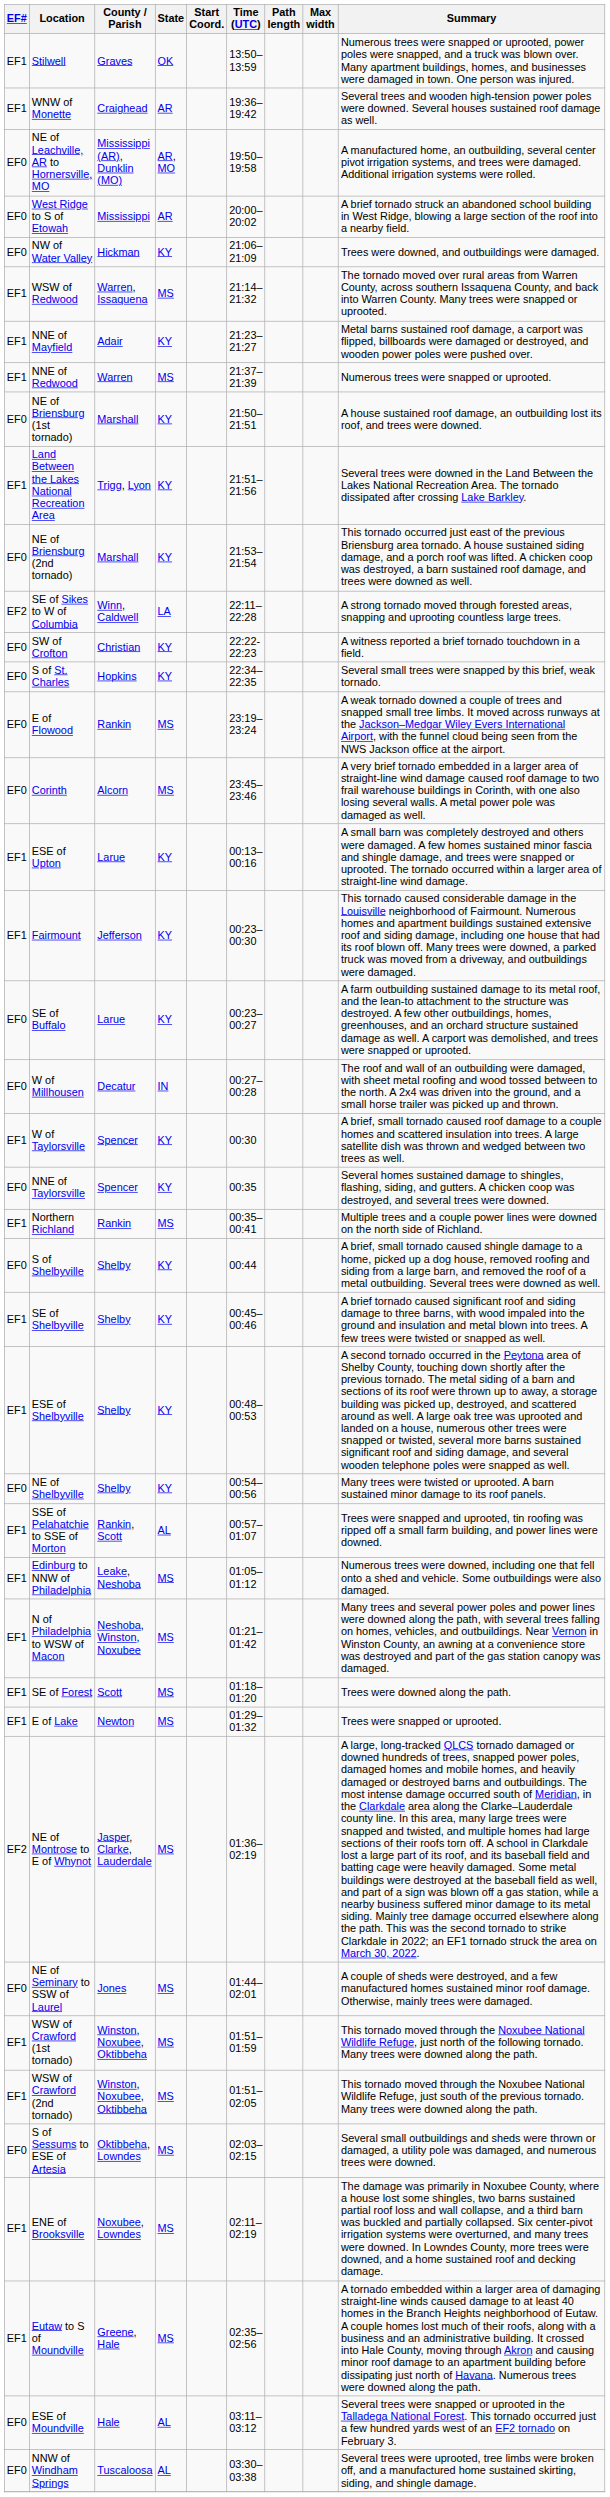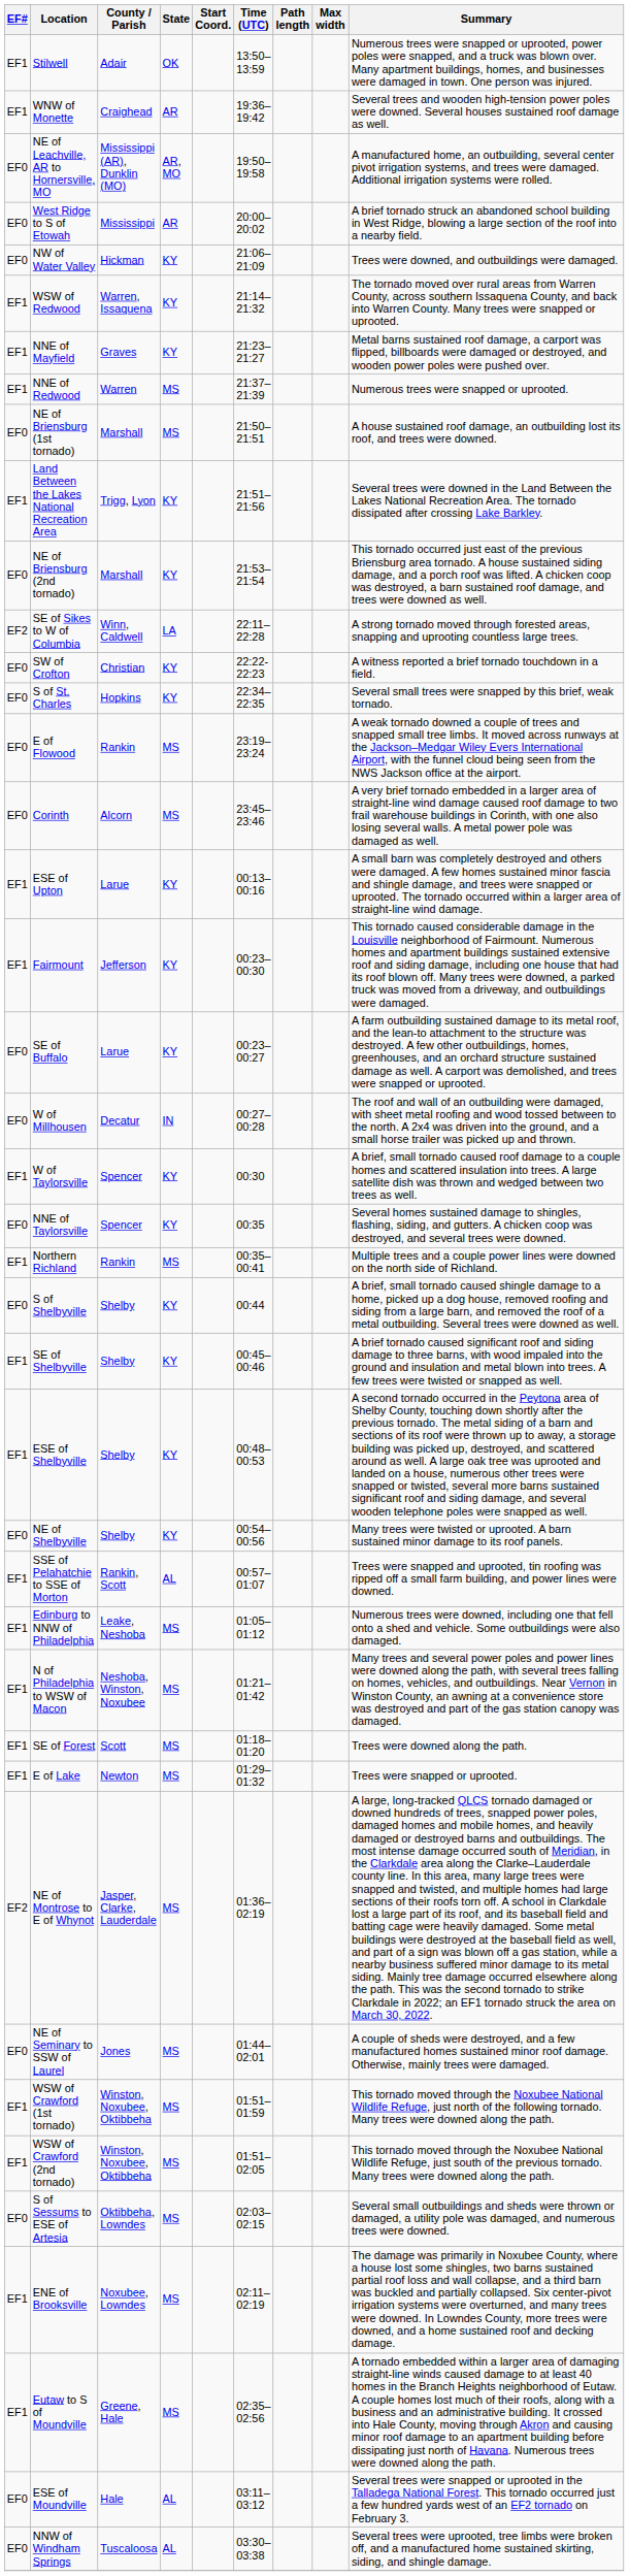 <table class="wikitable sortable" style="width:100%;">
 <tr>
 <th scope="col"  style="width:3%; text-align:center;"><a href='#'>EF#</a></th>
 <th scope="col"  style="width:7%; text-align:center;" class="unsortable">Location</th>
 <th scope="col"  style="width:6%; text-align:center;" class="unsortable">County / Parish</th>
 <th scope="col"  style="width:5%; text-align:center;">State</th>
 <th scope="col"  style="width:6%; text-align:center;">Start Coord.</th>
 <th scope="col"  style="width:6%; text-align:center;">Time (<a href='#'>UTC</a>)</th>
 <th scope="col"  style="width:6%; text-align:center;">Path length</th>
 <th scope="col"  style="width:6%; text-align:center;">Max width</th>
 <th scope="col" class="unsortable" style="width:48%; text-align:center;">Summary</th>
 </tr>
 <tr>
 <td>EF1</td>
 <td><a href='#'>Stilwell</a></td>
-<td><a href='#'>Graves</a></td>
+<td><a href='#'>Adair</a></td>
 <td><a href='#'>OK</a></td>
 <td></td>
 <td>13:50–13:59</td>
 <td></td>
 <td></td>
 <td>Numerous trees were snapped or uprooted, power poles were snapped, and a truck was blown over. Many apartment buildings, homes, and businesses were damaged in town. One person was injured.</td>
 </tr>
 <tr>
 <td>EF1</td>
 <td>WNW of <a href='#'>Monette</a></td>
 <td><a href='#'>Craighead</a></td>
 <td><a href='#'>AR</a></td>
 <td></td>
 <td>19:36–19:42</td>
 <td></td>
 <td></td>
 <td>Several trees and wooden high-tension power poles were downed. Several houses sustained roof damage as well.</td>
 </tr>
 <tr>
 <td>EF0</td>
 <td>NE of <a href='#'>Leachville, AR</a> to <a href='#'>Hornersville, MO</a></td>
 <td><a href='#'>Mississippi (AR)</a>, <a href='#'>Dunklin (MO)</a></td>
 <td><a href='#'>AR</a>, <a href='#'>MO</a></td>
 <td></td>
 <td>19:50–19:58</td>
 <td></td>
 <td></td>
 <td>A manufactured home, an outbuilding, several center pivot irrigation systems, and trees were damaged. Additional irrigation systems were rolled.</td>
 </tr>
 <tr>
 <td>EF0</td>
 <td><a href='#'>West Ridge</a> to S of <a href='#'>Etowah</a></td>
 <td><a href='#'>Mississippi</a></td>
 <td><a href='#'>AR</a></td>
 <td></td>
 <td>20:00–20:02</td>
 <td></td>
 <td></td>
 <td>A brief tornado struck an abandoned school building in West Ridge, blowing a large section of the roof into a nearby field.</td>
 </tr>
 <tr>
 <td>EF0</td>
 <td>NW of <a href='#'>Water Valley</a></td>
 <td><a href='#'>Hickman</a></td>
 <td><a href='#'>KY</a></td>
 <td></td>
 <td>21:06–21:09</td>
 <td></td>
 <td></td>
 <td>Trees were downed, and outbuildings were damaged.</td>
 </tr>
 <tr>
 <td>EF1</td>
 <td>WSW of <a href='#'>Redwood</a></td>
 <td><a href='#'>Warren</a>, <a href='#'>Issaquena</a></td>
-<td><a href='#'>MS</a></td>
+<td><a href='#'>KY</a></td>
 <td></td>
 <td>21:14–21:32</td>
 <td></td>
 <td></td>
 <td>The tornado moved over rural areas from Warren County, across southern Issaquena County, and back into Warren County. Many trees were snapped or uprooted.</td>
 </tr>
 <tr>
 <td>EF1</td>
 <td>NNE of <a href='#'>Mayfield</a></td>
-<td><a href='#'>Adair</a></td>
+<td><a href='#'>Graves</a></td>
 <td><a href='#'>KY</a></td>
 <td></td>
 <td>21:23–21:27</td>
 <td></td>
 <td></td>
 <td>Metal barns sustained roof damage, a carport was flipped, billboards were damaged or destroyed, and wooden power poles were pushed over.</td>
 </tr>
 <tr>
 <td>EF1</td>
 <td>NNE of <a href='#'>Redwood</a></td>
 <td><a href='#'>Warren</a></td>
 <td><a href='#'>MS</a></td>
 <td></td>
 <td>21:37–21:39</td>
 <td></td>
 <td></td>
 <td>Numerous trees were snapped or uprooted.</td>
 </tr>
 <tr>
 <td>EF0</td>
 <td>NE of <a href='#'>Briensburg</a> (1st tornado)</td>
 <td><a href='#'>Marshall</a></td>
-<td><a href='#'>KY</a></td>
+<td><a href='#'>MS</a></td>
 <td></td>
 <td>21:50–21:51</td>
 <td></td>
 <td></td>
 <td>A house sustained roof damage, an outbuilding lost its roof, and trees were downed.</td>
 </tr>
 <tr>
 <td>EF1</td>
 <td><a href='#'>Land Between the Lakes National Recreation Area</a></td>
 <td><a href='#'>Trigg</a>, <a href='#'>Lyon</a></td>
 <td><a href='#'>KY</a></td>
 <td></td>
 <td>21:51–21:56</td>
 <td></td>
 <td></td>
 <td>Several trees were downed in the Land Between the Lakes National Recreation Area. The tornado dissipated after crossing <a href='#'>Lake Barkley</a>.</td>
 </tr>
 <tr>
 <td>EF0</td>
 <td>NE of <a href='#'>Briensburg</a> (2nd tornado)</td>
 <td><a href='#'>Marshall</a></td>
 <td><a href='#'>KY</a></td>
 <td></td>
 <td>21:53–21:54</td>
 <td></td>
 <td></td>
 <td>This tornado occurred just east of the previous Briensburg area tornado. A house sustained siding damage, and a porch roof was lifted. A chicken coop was destroyed, a barn sustained roof damage, and trees were downed as well.</td>
 </tr>
 <tr>
 <td>EF2</td>
 <td>SE of <a href='#'>Sikes</a> to W of <a href='#'>Columbia</a></td>
 <td><a href='#'>Winn</a>, <a href='#'>Caldwell</a></td>
 <td><a href='#'>LA</a></td>
 <td></td>
 <td>22:11–22:28</td>
 <td></td>
 <td></td>
 <td>A strong tornado moved through forested areas, snapping and uprooting countless large trees.</td>
 </tr>
 <tr>
 <td>EF0</td>
 <td>SW of <a href='#'>Crofton</a></td>
 <td><a href='#'>Christian</a></td>
 <td><a href='#'>KY</a></td>
 <td></td>
 <td>22:22-22:23</td>
 <td></td>
 <td></td>
 <td>A witness reported a brief tornado touchdown in a field.</td>
 </tr>
 <tr>
 <td>EF0</td>
 <td>S of <a href='#'>St. Charles</a></td>
 <td><a href='#'>Hopkins</a></td>
 <td><a href='#'>KY</a></td>
 <td></td>
 <td>22:34–22:35</td>
 <td></td>
 <td></td>
 <td>Several small trees were snapped by this brief, weak tornado.</td>
 </tr>
 <tr>
 <td>EF0</td>
 <td>E of <a href='#'>Flowood</a></td>
 <td><a href='#'>Rankin</a></td>
 <td><a href='#'>MS</a></td>
 <td></td>
 <td>23:19–23:24</td>
 <td></td>
 <td></td>
 <td>A weak tornado downed a couple of trees and snapped small tree limbs. It moved across runways at the <a href='#'>Jackson–Medgar Wiley Evers International Airport</a>, with the funnel cloud being seen from the NWS Jackson office at the airport.</td>
 </tr>
 <tr>
 <td>EF0</td>
 <td><a href='#'>Corinth</a></td>
 <td><a href='#'>Alcorn</a></td>
 <td><a href='#'>MS</a></td>
 <td></td>
 <td>23:45–23:46</td>
 <td></td>
 <td></td>
 <td>A very brief tornado embedded in a larger area of straight-line wind damage caused roof damage to two frail warehouse buildings in Corinth, with one also losing several walls. A metal power pole was damaged as well.</td>
 </tr>
 <tr>
 <td>EF1</td>
 <td>ESE of <a href='#'>Upton</a></td>
 <td><a href='#'>Larue</a></td>
 <td><a href='#'>KY</a></td>
 <td></td>
 <td>00:13–00:16</td>
 <td></td>
 <td></td>
 <td>A small barn was completely destroyed and others were damaged. A few homes sustained minor fascia and shingle damage, and trees were snapped or uprooted. The tornado occurred within a larger area of straight-line wind damage.</td>
 </tr>
 <tr>
 <td>EF1</td>
 <td><a href='#'>Fairmount</a></td>
 <td><a href='#'>Jefferson</a></td>
 <td><a href='#'>KY</a></td>
 <td></td>
 <td>00:23–00:30</td>
 <td></td>
 <td></td>
 <td>This tornado caused considerable damage in the <a href='#'>Louisville</a> neighborhood of Fairmount. Numerous homes and apartment buildings sustained extensive roof and siding damage, including one house that had its roof blown off. Many trees were downed, a parked truck was moved from a driveway, and outbuildings were damaged.</td>
 </tr>
 <tr>
 <td>EF0</td>
 <td>SE of <a href='#'>Buffalo</a></td>
 <td><a href='#'>Larue</a></td>
 <td><a href='#'>KY</a></td>
 <td></td>
 <td>00:23–00:27</td>
 <td></td>
 <td></td>
 <td>A farm outbuilding sustained damage to its metal roof, and the lean-to attachment to the structure was destroyed. A few other outbuildings, homes, greenhouses, and an orchard structure sustained damage as well. A carport was demolished, and trees were snapped or uprooted.</td>
 </tr>
 <tr>
 <td>EF0</td>
 <td>W of <a href='#'>Millhousen</a></td>
 <td><a href='#'>Decatur</a></td>
 <td><a href='#'>IN</a></td>
 <td></td>
 <td>00:27–00:28</td>
 <td></td>
 <td></td>
 <td>The roof and wall of an outbuilding were damaged, with sheet metal roofing and wood tossed between  to the north. A 2x4 was driven into the ground, and a small horse trailer was picked up and thrown.</td>
 </tr>
 <tr>
 <td>EF1</td>
 <td>W of <a href='#'>Taylorsville</a></td>
 <td><a href='#'>Spencer</a></td>
 <td><a href='#'>KY</a></td>
 <td></td>
 <td>00:30</td>
 <td></td>
 <td></td>
 <td>A brief, small tornado caused roof damage to a couple homes and scattered insulation into trees. A large satellite dish was thrown  and wedged between two trees as well.</td>
 </tr>
 <tr>
 <td>EF0</td>
 <td>NNE of <a href='#'>Taylorsville</a></td>
 <td><a href='#'>Spencer</a></td>
 <td><a href='#'>KY</a></td>
 <td></td>
 <td>00:35</td>
 <td></td>
 <td></td>
 <td>Several homes sustained damage to shingles, flashing, siding, and gutters. A chicken coop was destroyed, and several trees were downed.</td>
 </tr>
 <tr>
 <td>EF1</td>
 <td>Northern <a href='#'>Richland</a></td>
 <td><a href='#'>Rankin</a></td>
 <td><a href='#'>MS</a></td>
 <td></td>
 <td>00:35–00:41</td>
 <td></td>
 <td></td>
 <td>Multiple trees and a couple power lines were downed on the north side of Richland.</td>
 </tr>
 <tr>
 <td>EF0</td>
 <td>S of <a href='#'>Shelbyville</a></td>
 <td><a href='#'>Shelby</a></td>
 <td><a href='#'>KY</a></td>
 <td></td>
 <td>00:44</td>
 <td></td>
 <td></td>
 <td>A brief, small tornado caused shingle damage to a home, picked up a dog house, removed roofing and siding from a large barn, and removed the roof of a  metal outbuilding. Several trees were downed as well.</td>
 </tr>
 <tr>
 <td>EF1</td>
 <td>SE of <a href='#'>Shelbyville</a></td>
 <td><a href='#'>Shelby</a></td>
 <td><a href='#'>KY</a></td>
 <td></td>
 <td>00:45–00:46</td>
 <td></td>
 <td></td>
 <td>A brief tornado caused significant roof and siding damage to three barns, with wood impaled into the ground and insulation and metal blown into trees. A few trees were twisted or snapped as well.</td>
 </tr>
 <tr>
 <td>EF1</td>
 <td>ESE of <a href='#'>Shelbyville</a></td>
 <td><a href='#'>Shelby</a></td>
 <td><a href='#'>KY</a></td>
 <td></td>
 <td>00:48–00:53</td>
 <td></td>
 <td></td>
 <td>A second tornado occurred in the <a href='#'>Peytona</a> area of Shelby County, touching down shortly after the previous tornado. The metal siding of a barn and sections of its roof were thrown up to  away, a  storage building was picked up, destroyed, and scattered around  as well. A large oak tree was uprooted and landed on a house, numerous other trees were snapped or twisted, several more barns sustained significant roof and siding damage, and several wooden telephone poles were snapped as well.</td>
 </tr>
 <tr>
 <td>EF0</td>
 <td>NE of <a href='#'>Shelbyville</a></td>
 <td><a href='#'>Shelby</a></td>
 <td><a href='#'>KY</a></td>
 <td></td>
 <td>00:54–00:56</td>
 <td></td>
 <td></td>
 <td>Many trees were twisted or uprooted. A barn sustained minor damage to its roof panels.</td>
 </tr>
 <tr>
 <td>EF1</td>
 <td>SSE of <a href='#'>Pelahatchie</a> to SSE of <a href='#'>Morton</a></td>
 <td><a href='#'>Rankin</a>, <a href='#'>Scott</a></td>
 <td><a href='#'>AL</a></td>
 <td></td>
 <td>00:57–01:07</td>
 <td></td>
 <td></td>
 <td>Trees were snapped and uprooted, tin roofing was ripped off a small farm building, and power lines were downed.</td>
 </tr>
 <tr>
 <td>EF1</td>
 <td><a href='#'>Edinburg</a> to NNW of <a href='#'>Philadelphia</a></td>
 <td><a href='#'>Leake</a>, <a href='#'>Neshoba</a></td>
 <td><a href='#'>MS</a></td>
 <td></td>
 <td>01:05–01:12</td>
 <td></td>
 <td></td>
 <td>Numerous trees were downed, including one that fell onto a shed and vehicle. Some outbuildings were also damaged.</td>
 </tr>
 <tr>
 <td>EF1</td>
 <td>N of <a href='#'>Philadelphia</a> to WSW of <a href='#'>Macon</a></td>
 <td><a href='#'>Neshoba</a>, <a href='#'>Winston</a>, <a href='#'>Noxubee</a></td>
 <td><a href='#'>MS</a></td>
 <td></td>
 <td>01:21–01:42</td>
 <td></td>
 <td></td>
 <td>Many trees and several power poles and power lines were downed along the path, with several trees falling on homes, vehicles, and outbuildings. Near <a href='#'>Vernon</a> in Winston County, an awning at a convenience store was destroyed and part of the gas station canopy was damaged.</td>
 </tr>
 <tr>
 <td>EF1</td>
 <td>SE of <a href='#'>Forest</a></td>
 <td><a href='#'>Scott</a></td>
 <td><a href='#'>MS</a></td>
 <td></td>
 <td>01:18–01:20</td>
 <td></td>
 <td></td>
 <td>Trees were downed along the path.</td>
 </tr>
 <tr>
 <td>EF1</td>
 <td>E of <a href='#'>Lake</a></td>
 <td><a href='#'>Newton</a></td>
 <td><a href='#'>MS</a></td>
 <td></td>
 <td>01:29–01:32</td>
 <td></td>
 <td></td>
 <td>Trees were snapped or uprooted.</td>
 </tr>
 <tr>
 <td>EF2</td>
 <td>NE of <a href='#'>Montrose</a> to E of <a href='#'>Whynot</a></td>
 <td><a href='#'>Jasper</a>, <a href='#'>Clarke</a>, <a href='#'>Lauderdale</a></td>
 <td><a href='#'>MS</a></td>
 <td></td>
 <td>01:36–02:19</td>
 <td></td>
 <td></td>
 <td>A large, long-tracked <a href='#'>QLCS</a> tornado damaged or downed hundreds of trees, snapped power poles, damaged homes and mobile homes, and heavily damaged or destroyed barns and outbuildings. The most intense damage occurred south of <a href='#'>Meridian</a>, in the <a href='#'>Clarkdale</a> area along the Clarke–Lauderdale county line. In this area, many large trees were snapped and twisted, and multiple homes had large sections of their roofs torn off. A school in Clarkdale lost a large part of its roof, and its baseball field and batting cage were heavily damaged. Some metal buildings were destroyed at the baseball field as well, and part of a sign was blown off a gas station, while a nearby business suffered minor damage to its metal siding. Mainly tree damage occurred elsewhere along the path. This was the second tornado to strike Clarkdale in 2022; an EF1 tornado struck the area on <a href='#'>March 30, 2022</a>.</td>
 </tr>
 <tr>
 <td>EF0</td>
 <td>NE of <a href='#'>Seminary</a> to SSW of <a href='#'>Laurel</a></td>
 <td><a href='#'>Jones</a></td>
 <td><a href='#'>MS</a></td>
 <td></td>
 <td>01:44–02:01</td>
 <td></td>
 <td></td>
 <td>A couple of sheds were destroyed, and a few manufactured homes sustained minor roof damage. Otherwise, mainly trees were damaged.</td>
 </tr>
 <tr>
 <td>EF1</td>
 <td>WSW of <a href='#'>Crawford</a> (1st tornado)</td>
 <td><a href='#'>Winston</a>, <a href='#'>Noxubee</a>, <a href='#'>Oktibbeha</a></td>
 <td><a href='#'>MS</a></td>
 <td></td>
 <td>01:51–01:59</td>
 <td></td>
 <td></td>
 <td>This tornado moved through the <a href='#'>Noxubee National Wildlife Refuge</a>, just north of the following tornado. Many trees were downed along the path.</td>
 </tr>
 <tr>
 <td>EF1</td>
 <td>WSW of <a href='#'>Crawford</a> (2nd tornado)</td>
 <td><a href='#'>Winston</a>, <a href='#'>Noxubee</a>, <a href='#'>Oktibbeha</a></td>
 <td><a href='#'>MS</a></td>
 <td></td>
 <td>01:51–02:05</td>
 <td></td>
 <td></td>
 <td>This tornado moved through the Noxubee National Wildlife Refuge, just south of the previous tornado. Many trees were downed along the path.</td>
 </tr>
 <tr>
 <td>EF0</td>
 <td>S of <a href='#'>Sessums</a> to ESE of <a href='#'>Artesia</a></td>
 <td><a href='#'>Oktibbeha</a>, <a href='#'>Lowndes</a></td>
 <td><a href='#'>MS</a></td>
 <td></td>
 <td>02:03–02:15</td>
 <td></td>
 <td></td>
 <td>Several small outbuildings and sheds were thrown or damaged, a utility pole was damaged, and numerous trees were downed.</td>
 </tr>
 <tr>
 <td>EF1</td>
 <td>ENE of <a href='#'>Brooksville</a></td>
 <td><a href='#'>Noxubee</a>, <a href='#'>Lowndes</a></td>
 <td><a href='#'>MS</a></td>
 <td></td>
 <td>02:11–02:19</td>
 <td></td>
 <td></td>
 <td>The damage was primarily in Noxubee County, where a house lost some shingles, two barns sustained partial roof loss and wall collapse, and a third barn was buckled and partially collapsed. Six center-pivot irrigation systems were overturned, and many trees were downed. In Lowndes County, more trees were downed, and a home sustained roof and decking damage.</td>
 </tr>
 <tr>
 <td>EF1</td>
 <td><a href='#'>Eutaw</a> to S of <a href='#'>Moundville</a></td>
 <td><a href='#'>Greene</a>, <a href='#'>Hale</a></td>
 <td><a href='#'>MS</a></td>
 <td></td>
 <td>02:35–02:56</td>
 <td></td>
 <td></td>
 <td>A tornado embedded within a larger area of damaging straight-line winds caused damage to at least 40 homes in the Branch Heights neighborhood of Eutaw. A couple homes lost much of their roofs, along with a business and an administrative building. It crossed into Hale County, moving through <a href='#'>Akron</a> and causing minor roof damage to an apartment building before dissipating just north of <a href='#'>Havana</a>. Numerous trees were downed along the path.</td>
 </tr>
 <tr>
 <td>EF0</td>
 <td>ESE of <a href='#'>Moundville</a></td>
 <td><a href='#'>Hale</a></td>
 <td><a href='#'>AL</a></td>
 <td></td>
 <td>03:11–03:12</td>
 <td></td>
 <td></td>
 <td>Several trees were snapped or uprooted in the <a href='#'>Talladega National Forest</a>. This tornado occurred just a few hundred yards west of an <a href='#'>EF2 tornado</a> on February 3.</td>
 </tr>
 <tr>
 <td>EF0</td>
 <td>NNW of <a href='#'>Windham Springs</a></td>
 <td><a href='#'>Tuscaloosa</a></td>
 <td><a href='#'>AL</a></td>
 <td></td>
 <td>03:30–03:38</td>
 <td></td>
 <td></td>
 <td>Several trees were uprooted, tree limbs were broken off, and a manufactured home sustained skirting, siding, and shingle damage.</td>
 </tr>
 <tr>
 </tr>
 </table>
